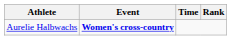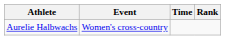 <table class=wikitable style=font-size:90%;text-align:center>
 <tr>
 <th>Athlete</th>
 <th>Event</th>
 <th>Time</th>
 <th>Rank</th>
 </tr>
 <tr align=center>
 <td align=left><a href='#'>Aurelie Halbwachs</a></td>
-<td align=left><strong><a href='#'>Women's cross-country</a></strong></td>
+<td align=left><a href='#'>Women's cross-country</a></td>
 <td colspan=2></td>
 </tr>
 </table>
